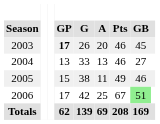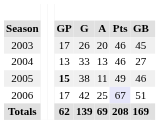 <table BORDER="0" CELLPADDING="3" CELLSPACING="0">
 <tr ALIGN="center" bgcolor="#e0e0e0">
 <th colspan="1" bgcolor="#ffffff"> </th>
 <th rowspan="99" bgcolor="#ffffff"> </th>
 <th rowspan="99" bgcolor="#ffffff"> </th>
 </tr>
 <tr ALIGN="center" bgcolor="#e0e0e0">
 <th>Season</th>
 <th>GP</th>
 <th>G</th>
 <th>A</th>
 <th>Pts</th>
 <th>GB</th>
 <th></th>
 </tr>
 <tr ALIGN="center" bgcolor="#f0f0f0">
 <td>2003</td>
-<td><strong>17</strong></td>
+<td>17</td>
 <td>26</td>
 <td>20</td>
 <td>46</td>
 <td>45</td>
 <td></td>
 </tr>
 <tr ALIGN="center">
 <td>2004</td>
 <td>13</td>
 <td>33</td>
 <td>13</td>
 <td>46</td>
 <td>27</td>
 <td></td>
 </tr>
 <tr ALIGN="center" bgcolor="#f0f0f0">
 <td>2005</td>
-<td>15</td>
+<td><strong>15</strong></td>
 <td>38</td>
 <td>11</td>
 <td>49</td>
 <td>46</td>
 <td></td>
 </tr>
 <tr ALIGN="center">
 <td>2006</td>
 <td>17</td>
 <td>42</td>
 <td>25</td>
-<td>67</td>
-<td style="background: lightgreen;">51</td>
+<td style="background: lavender;">67</td>
+<td>51</td>
 <td></td>
 </tr>
 <tr ALIGN="center" bgcolor="#e0e0e0">
 <th colspan="1.5">Totals</th>
 <th>62</th>
 <th>139</th>
 <th>69</th>
 <th>208</th>
 <th>169</th>
 <th></th>
 </tr>
 </table>
